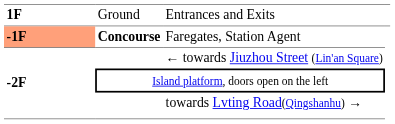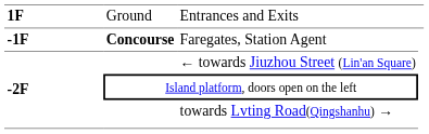 <table cellspacing=0 cellpadding=3>
 <tr>
 <td style="border-top:solid 1px gray;border-bottom:solid 1px gray;"  rowspan=1 width=100><strong>1F</strong></td>
 <td style="border-top:solid 1px gray;border-bottom:solid 1px gray;">Ground</td>
 <td style="border-top:solid 1px gray;border-bottom:solid 1px gray;">Entrances and Exits</td>
 <td style="border-top:solid 1px gray;border-bottom:solid 1px gray;"></td>
 </tr>
 <tr>
-<td style="background: lightsalmon; border-bottom:solid 1px gray;"  rowspan=1 width=100><strong>-1F</strong></td>
+<td style="border-bottom:solid 1px gray;"  rowspan=1 width=100><strong>-1F</strong></td>
 <td style="border-bottom:solid 1px gray;"><strong>Concourse</strong></td>
 <td style="border-bottom:solid 1px gray;">Faregates, Station Agent</td>
 </tr>
 <tr>
 <td style="border-bottom:solid 1px gray;" rowspan=4><strong>-2F</strong></td>
 <td></td>
 <td>←  towards <a href='#'>Jiuzhou Street</a> <small>(<a href='#'>Lin'an Square</a>)</small></td>
 </tr>
 <tr>
 <td style="border-right:solid 2px black;border-left:solid 2px black;border-bottom:solid 2px black;border-top:solid 2px black;text-align:center;" colspan=2><small><a href='#'>Island platform</a>, doors open on the left</small></td>
 </tr>
 <tr>
 <td></td>
 <td>  towards <a href='#'>Lvting Road</a><small>(<a href='#'>Qingshanhu</a>)</small> →</td>
 </tr>
 <tr>
 <td style="border-bottom:solid 1px gray;text-align:center;" colspan=2></td>
 </tr>
 </table>
